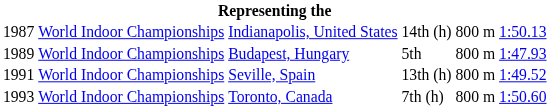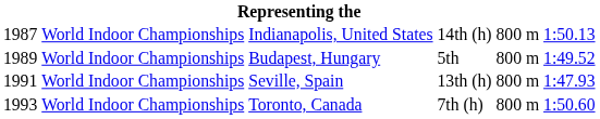 <table>
 <tr>
 <th colspan="6">Representing the </th>
 </tr>
 <tr>
 <td>1987</td>
 <td><a href='#'>World Indoor Championships</a></td>
 <td><a href='#'>Indianapolis, United States</a></td>
 <td>14th (h)</td>
 <td>800 m</td>
 <td><a href='#'>1:50.13</a></td>
 </tr>
 <tr>
 <td>1989</td>
 <td><a href='#'>World Indoor Championships</a></td>
 <td><a href='#'>Budapest, Hungary</a></td>
 <td>5th</td>
 <td>800 m</td>
-<td><a href='#'>1:47.93</a></td>
+<td><a href='#'>1:49.52</a></td>
 </tr>
 <tr>
 <td>1991</td>
 <td><a href='#'>World Indoor Championships</a></td>
 <td><a href='#'>Seville, Spain</a></td>
 <td>13th (h)</td>
 <td>800 m</td>
-<td><a href='#'>1:49.52</a></td>
+<td><a href='#'>1:47.93</a></td>
 </tr>
 <tr>
 <td>1993</td>
 <td><a href='#'>World Indoor Championships</a></td>
 <td><a href='#'>Toronto, Canada</a></td>
 <td>7th (h)</td>
 <td>800 m</td>
 <td><a href='#'>1:50.60</a></td>
 </tr>
 </table>
